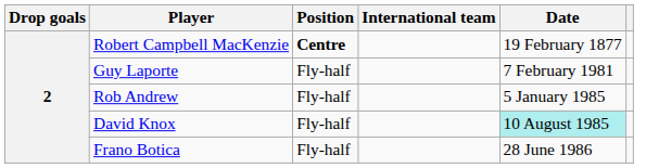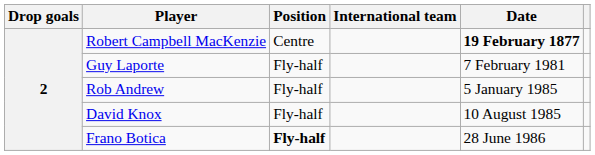 <table class="wikitable sortable">
 <tr>
 <th>Drop goals</th>
 <th>Player</th>
 <th>Position</th>
 <th>International team</th>
 <th>Date</th>
 <th></th>
 </tr>
 <tr>
 <th rowspan=5>2</th>
 <td><a href='#'>Robert Campbell MacKenzie</a></td>
-<td><strong>Centre</strong></td>
+<td>Centre</td>
 <td></td>
-<td>19 February 1877</td>
+<td><strong>19 February 1877</strong></td>
 <td></td>
 </tr>
 <tr>
 <td><a href='#'>Guy Laporte</a></td>
 <td>Fly-half</td>
 <td></td>
 <td>7 February 1981</td>
 <td></td>
 </tr>
 <tr>
 <td><a href='#'>Rob Andrew</a></td>
 <td>Fly-half</td>
 <td></td>
 <td>5 January 1985</td>
 <td></td>
 </tr>
 <tr>
 <td><a href='#'>David Knox</a></td>
 <td>Fly-half</td>
 <td></td>
-<td style="background: paleturquoise;">10 August 1985</td>
+<td>10 August 1985</td>
 <td></td>
 </tr>
 <tr>
 <td><a href='#'>Frano Botica</a></td>
-<td>Fly-half</td>
+<td><strong>Fly-half</strong></td>
 <td></td>
 <td>28 June 1986</td>
 <td></td>
 </tr>
 </table>
